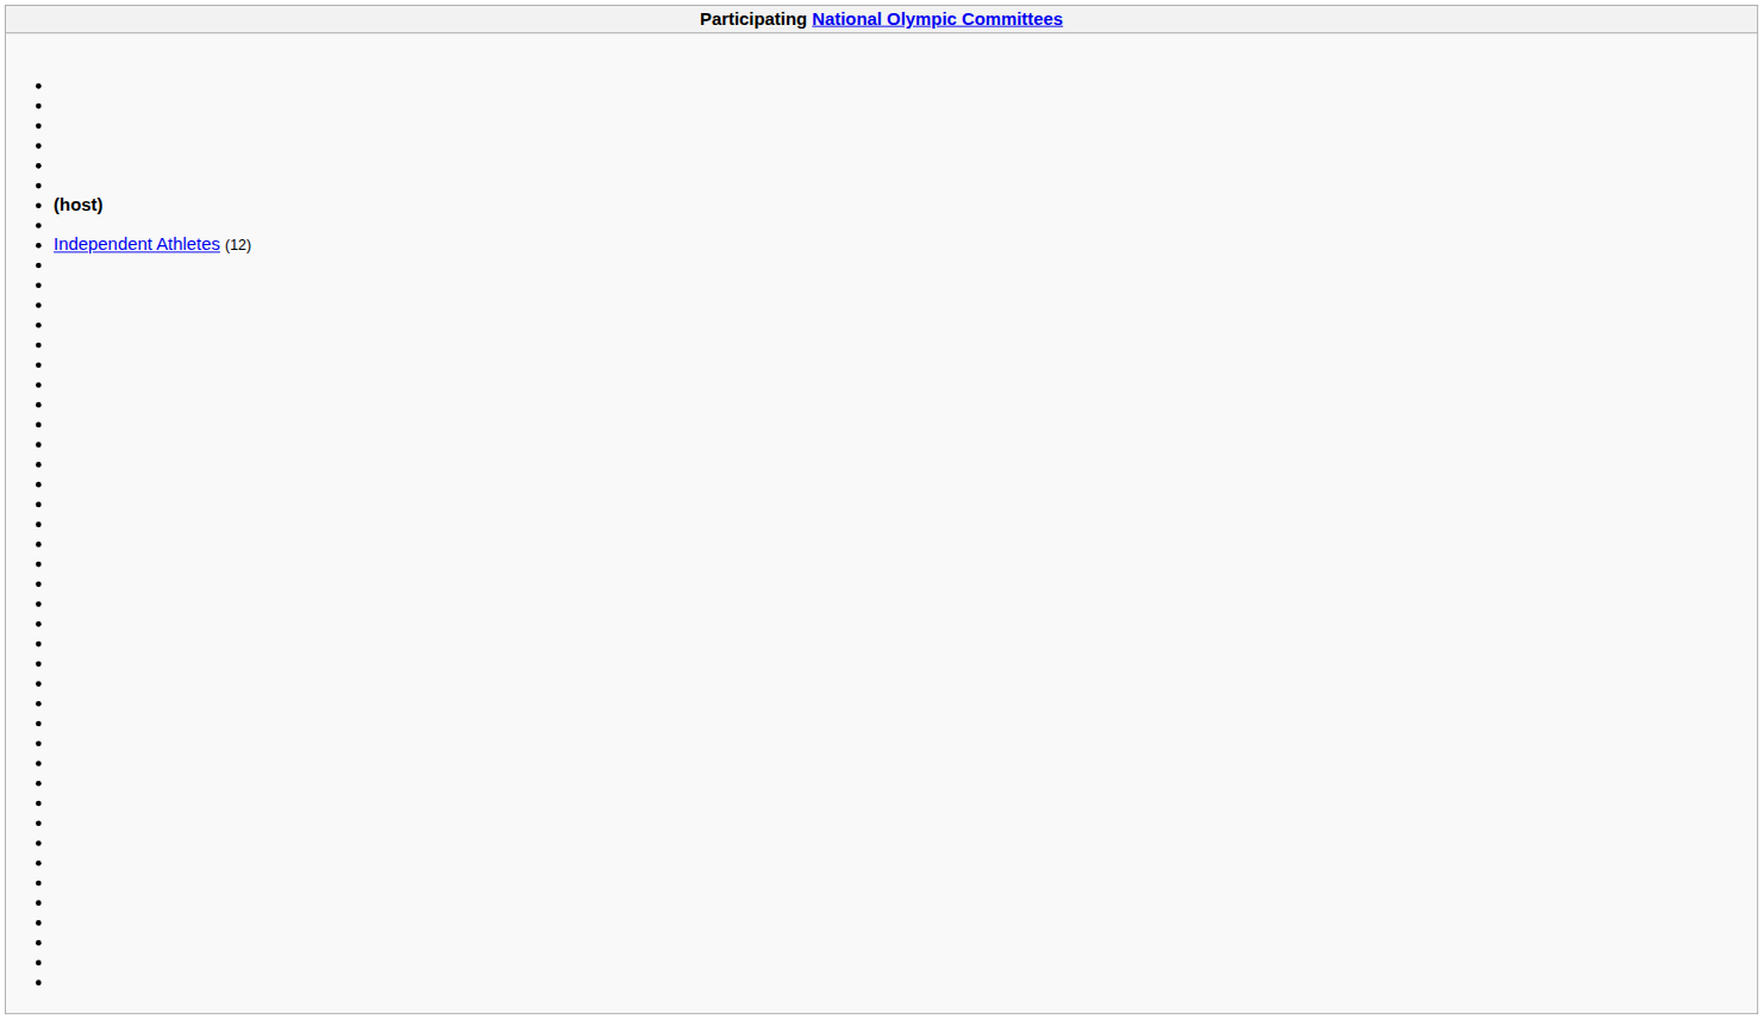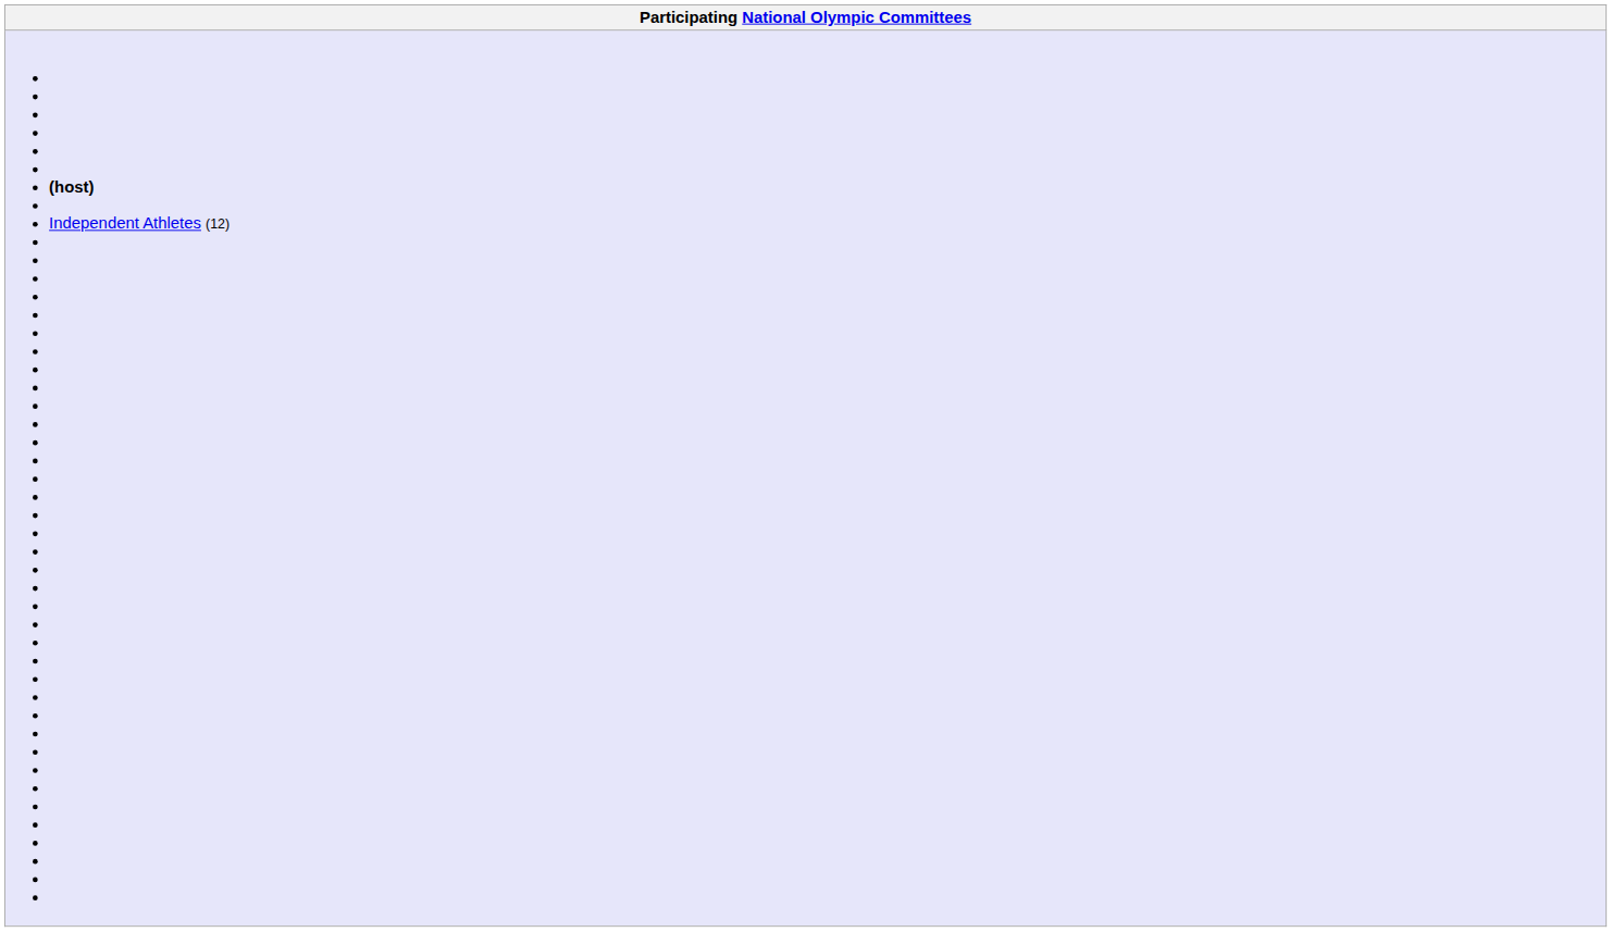 <table class="wikitable collapsible" style="width:100%;">
 <tr>
 <th>Participating <a href='#'>National Olympic Committees</a></th>
 </tr>
 <tr>
-<td><br><ul><li></li><li></li><li></li><li></li><li></li><li></li><li> <strong>(host)</strong></li><li></li><li> <a href='#'>Independent Athletes</a> <small>(12)</small></li><li></li><li></li><li></li><li></li><li></li><li></li><li></li><li></li><li></li><li></li><li></li><li></li><li></li><li></li><li></li><li></li><li></li><li></li><li></li><li></li><li></li><li></li><li></li><li></li><li></li><li></li><li></li><li></li><li></li><li></li><li></li><li></li><li></li><li></li><li></li><li></li><li></li></ul></td>
+<td style="background: lavender;"><br><ul><li></li><li></li><li></li><li></li><li></li><li></li><li> <strong>(host)</strong></li><li></li><li> <a href='#'>Independent Athletes</a> <small>(12)</small></li><li></li><li></li><li></li><li></li><li></li><li></li><li></li><li></li><li></li><li></li><li></li><li></li><li></li><li></li><li></li><li></li><li></li><li></li><li></li><li></li><li></li><li></li><li></li><li></li><li></li><li></li><li></li><li></li><li></li><li></li><li></li><li></li><li></li><li></li><li></li><li></li><li></li></ul></td>
 </tr>
 </table>
